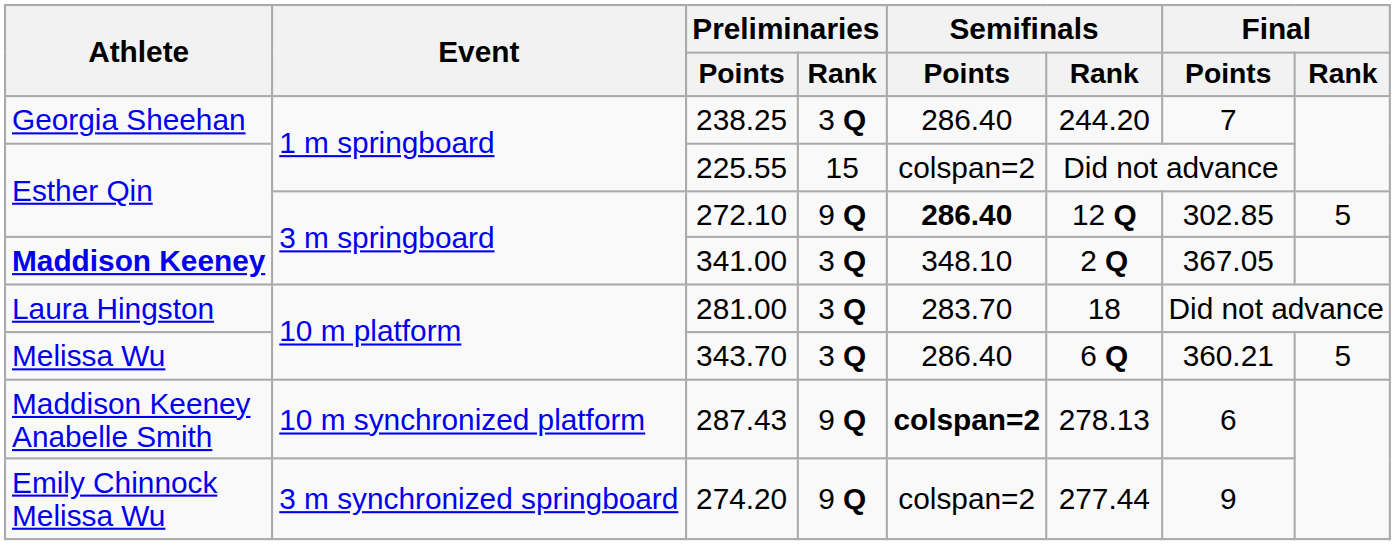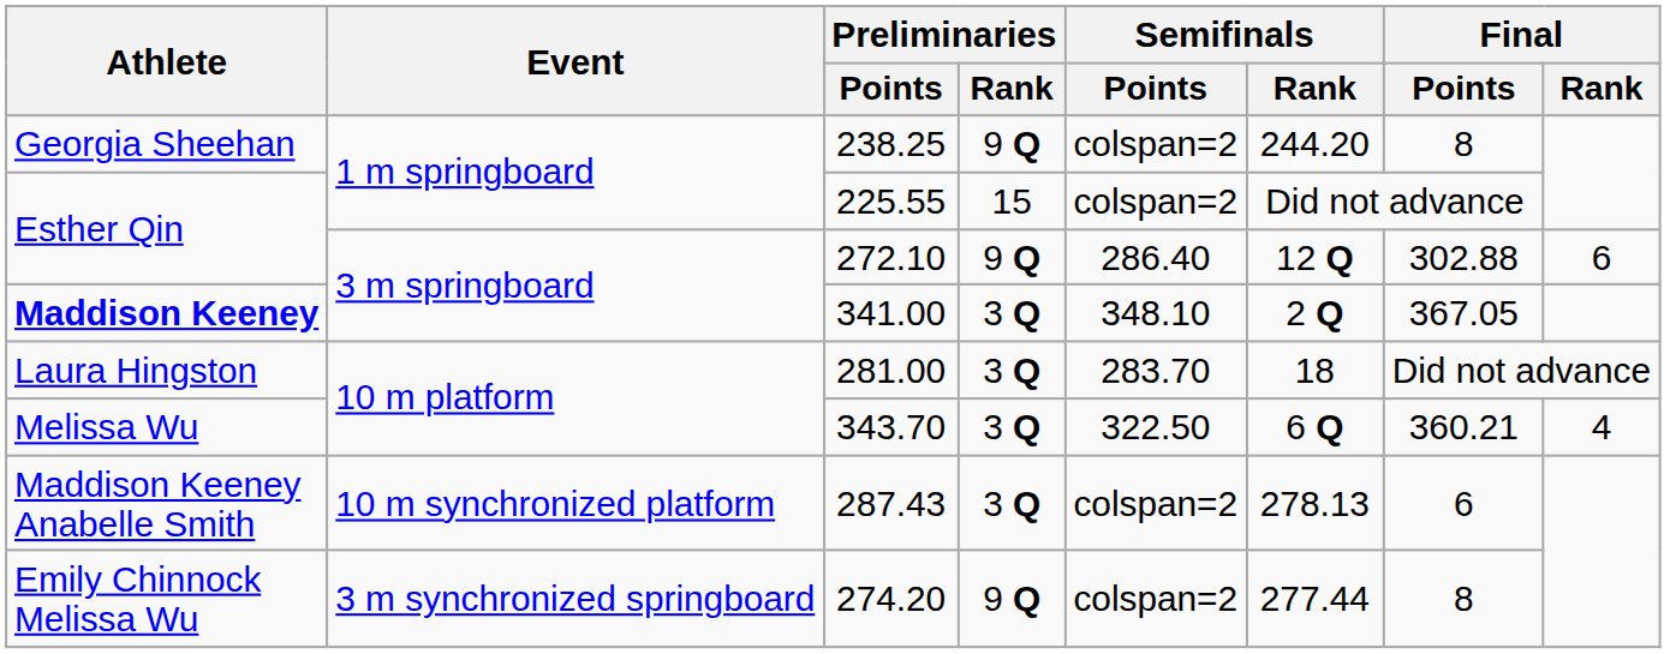 <table class="wikitable" style="text-align:center; font-size:90%">
 <tr>
 <th rowspan=2>Athlete</th>
 <th rowspan=2>Event</th>
 <th colspan=2>Preliminaries</th>
 <th colspan=2>Semifinals</th>
 <th colspan=2>Final</th>
 </tr>
 <tr style="font-size:95%">
 <th>Points</th>
 <th>Rank</th>
 <th>Points</th>
 <th>Rank</th>
 <th>Points</th>
 <th>Rank</th>
 </tr>
 <tr>
 <td align=left><a href='#'>Georgia Sheehan</a></td>
 <td align=left rowspan=2><a href='#'>1 m springboard</a></td>
 <td>238.25</td>
-<td>3 <strong>Q</strong></td>
-<td>286.40</td>
+<td>9 <strong>Q</strong></td>
+<td>colspan=2 </td>
 <td>244.20</td>
-<td>7</td>
+<td>8</td>
 </tr>
 <tr>
 <td align=left rowspan=2><a href='#'>Esther Qin</a></td>
 <td>225.55</td>
 <td>15</td>
 <td>colspan=2 </td>
 <td colspan=2>Did not advance</td>
 </tr>
 <tr>
 <td align=left rowspan=2><a href='#'>3 m springboard</a></td>
 <td>272.10</td>
 <td>9 <strong>Q</strong></td>
-<td><strong>286.40</strong></td>
+<td>286.40</td>
 <td>12 <strong>Q</strong></td>
-<td>302.85</td>
-<td>5</td>
+<td>302.88</td>
+<td>6</td>
 </tr>
 <tr>
 <td align=left><strong><a href='#'>Maddison Keeney</a></strong></td>
 <td>341.00</td>
 <td>3 <strong>Q</strong></td>
 <td>348.10</td>
 <td>2 <strong>Q</strong></td>
 <td>367.05</td>
 <td></td>
 </tr>
 <tr>
 <td align=left><a href='#'>Laura Hingston</a></td>
 <td align=left rowspan=2><a href='#'>10 m platform</a></td>
 <td>281.00</td>
 <td>3 <strong>Q</strong></td>
 <td>283.70</td>
 <td>18</td>
 <td colspan=2>Did not advance</td>
 </tr>
 <tr>
 <td align=left><a href='#'>Melissa Wu</a></td>
 <td>343.70</td>
 <td>3 <strong>Q</strong></td>
-<td>286.40</td>
+<td>322.50</td>
 <td>6 <strong>Q</strong></td>
 <td>360.21</td>
-<td>5</td>
+<td>4</td>
 </tr>
 <tr>
 <td align=left><a href='#'>Maddison Keeney</a><br><a href='#'>Anabelle Smith</a></td>
 <td align=left><a href='#'>10 m synchronized platform</a></td>
 <td>287.43</td>
-<td>9 <strong>Q</strong></td>
-<td><strong>colspan=2 </strong></td>
+<td>3 <strong>Q</strong></td>
+<td>colspan=2 </td>
 <td>278.13</td>
 <td>6</td>
 </tr>
 <tr>
 <td align=left><a href='#'>Emily Chinnock</a><br><a href='#'>Melissa Wu</a></td>
 <td align=left><a href='#'>3 m synchronized springboard</a></td>
 <td>274.20</td>
 <td>9 <strong>Q</strong></td>
 <td>colspan=2 </td>
 <td>277.44</td>
-<td>9</td>
+<td>8</td>
 </tr>
 </table>
